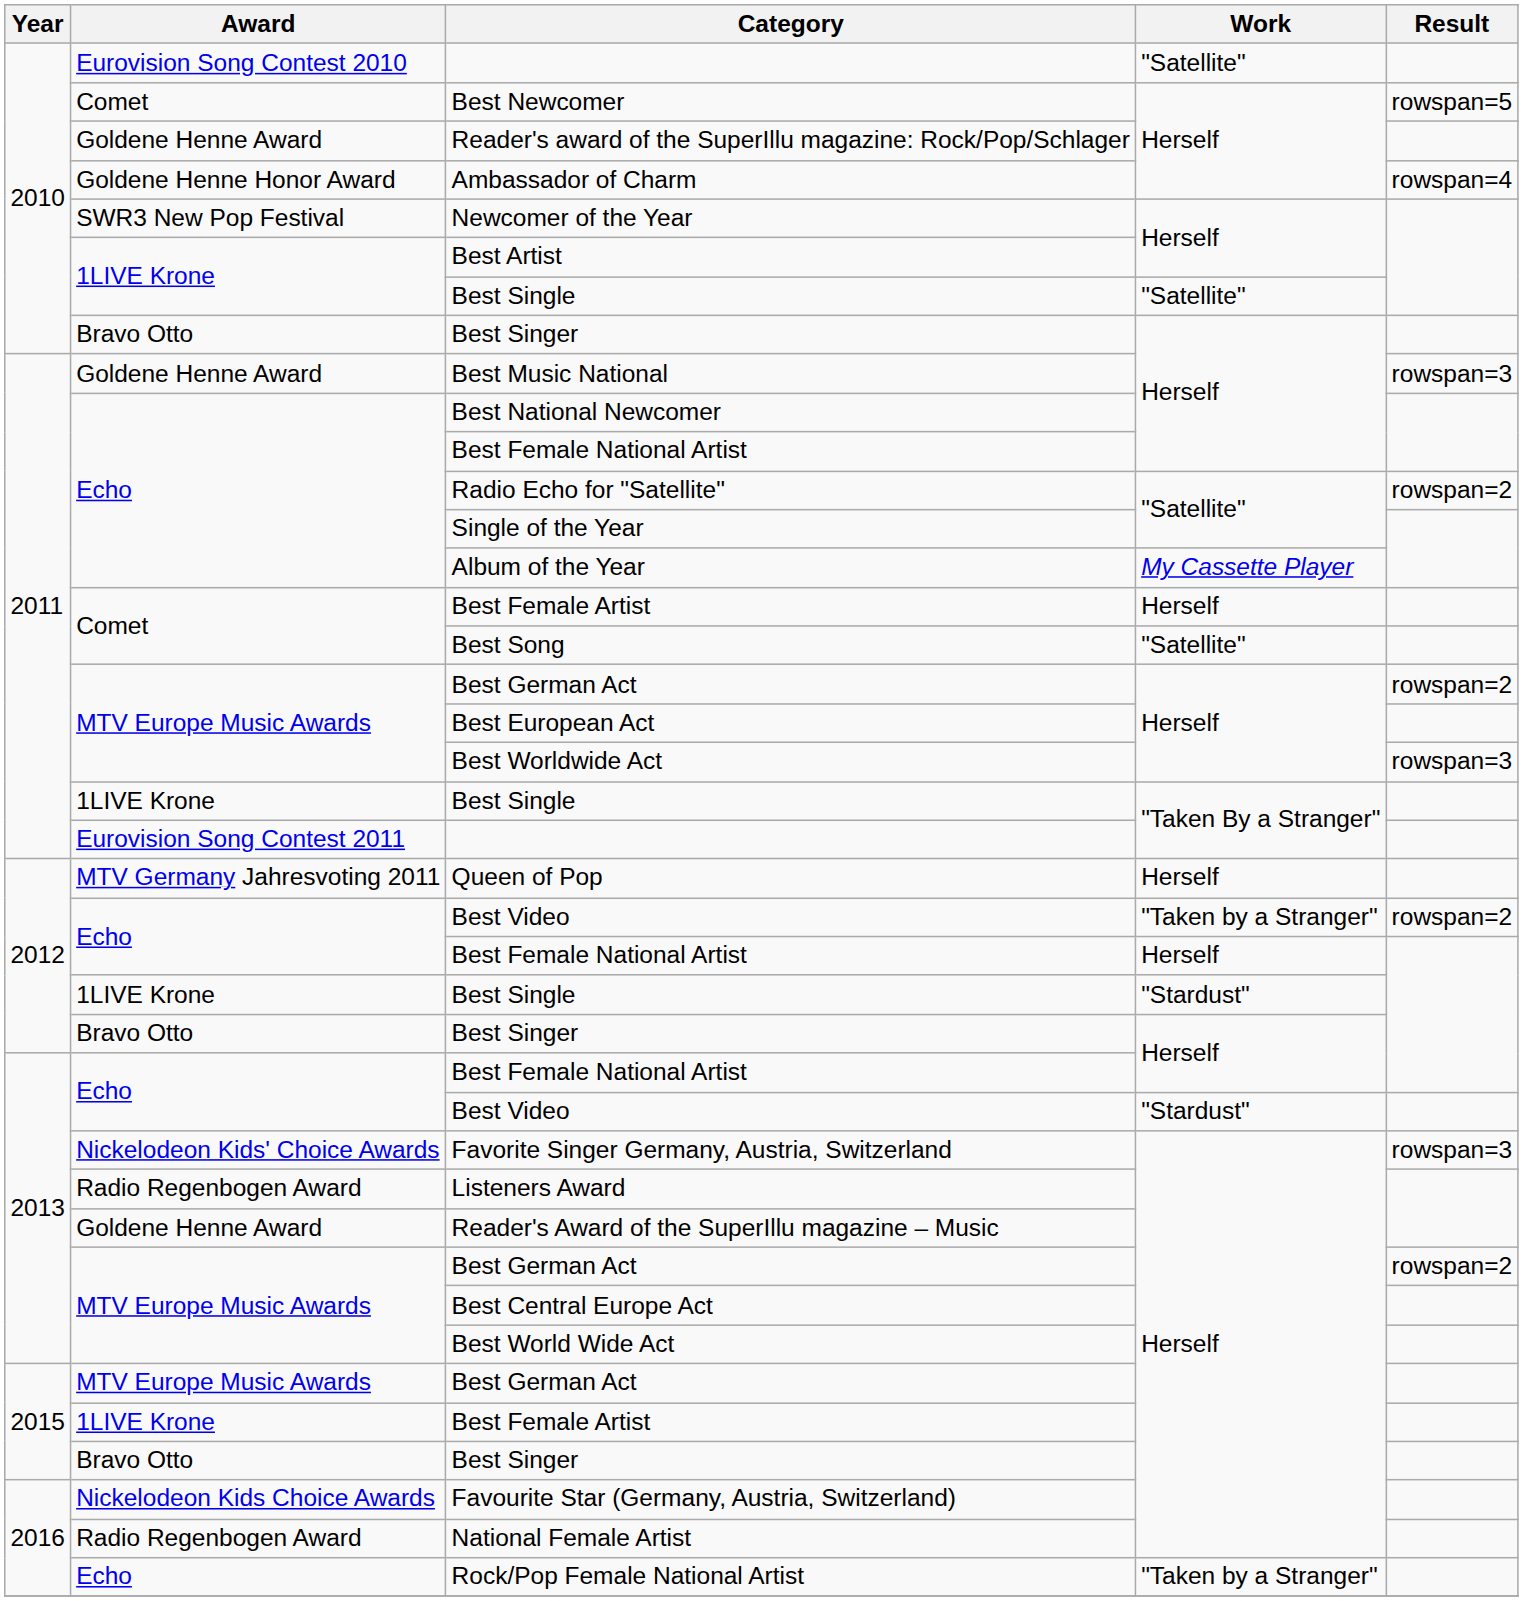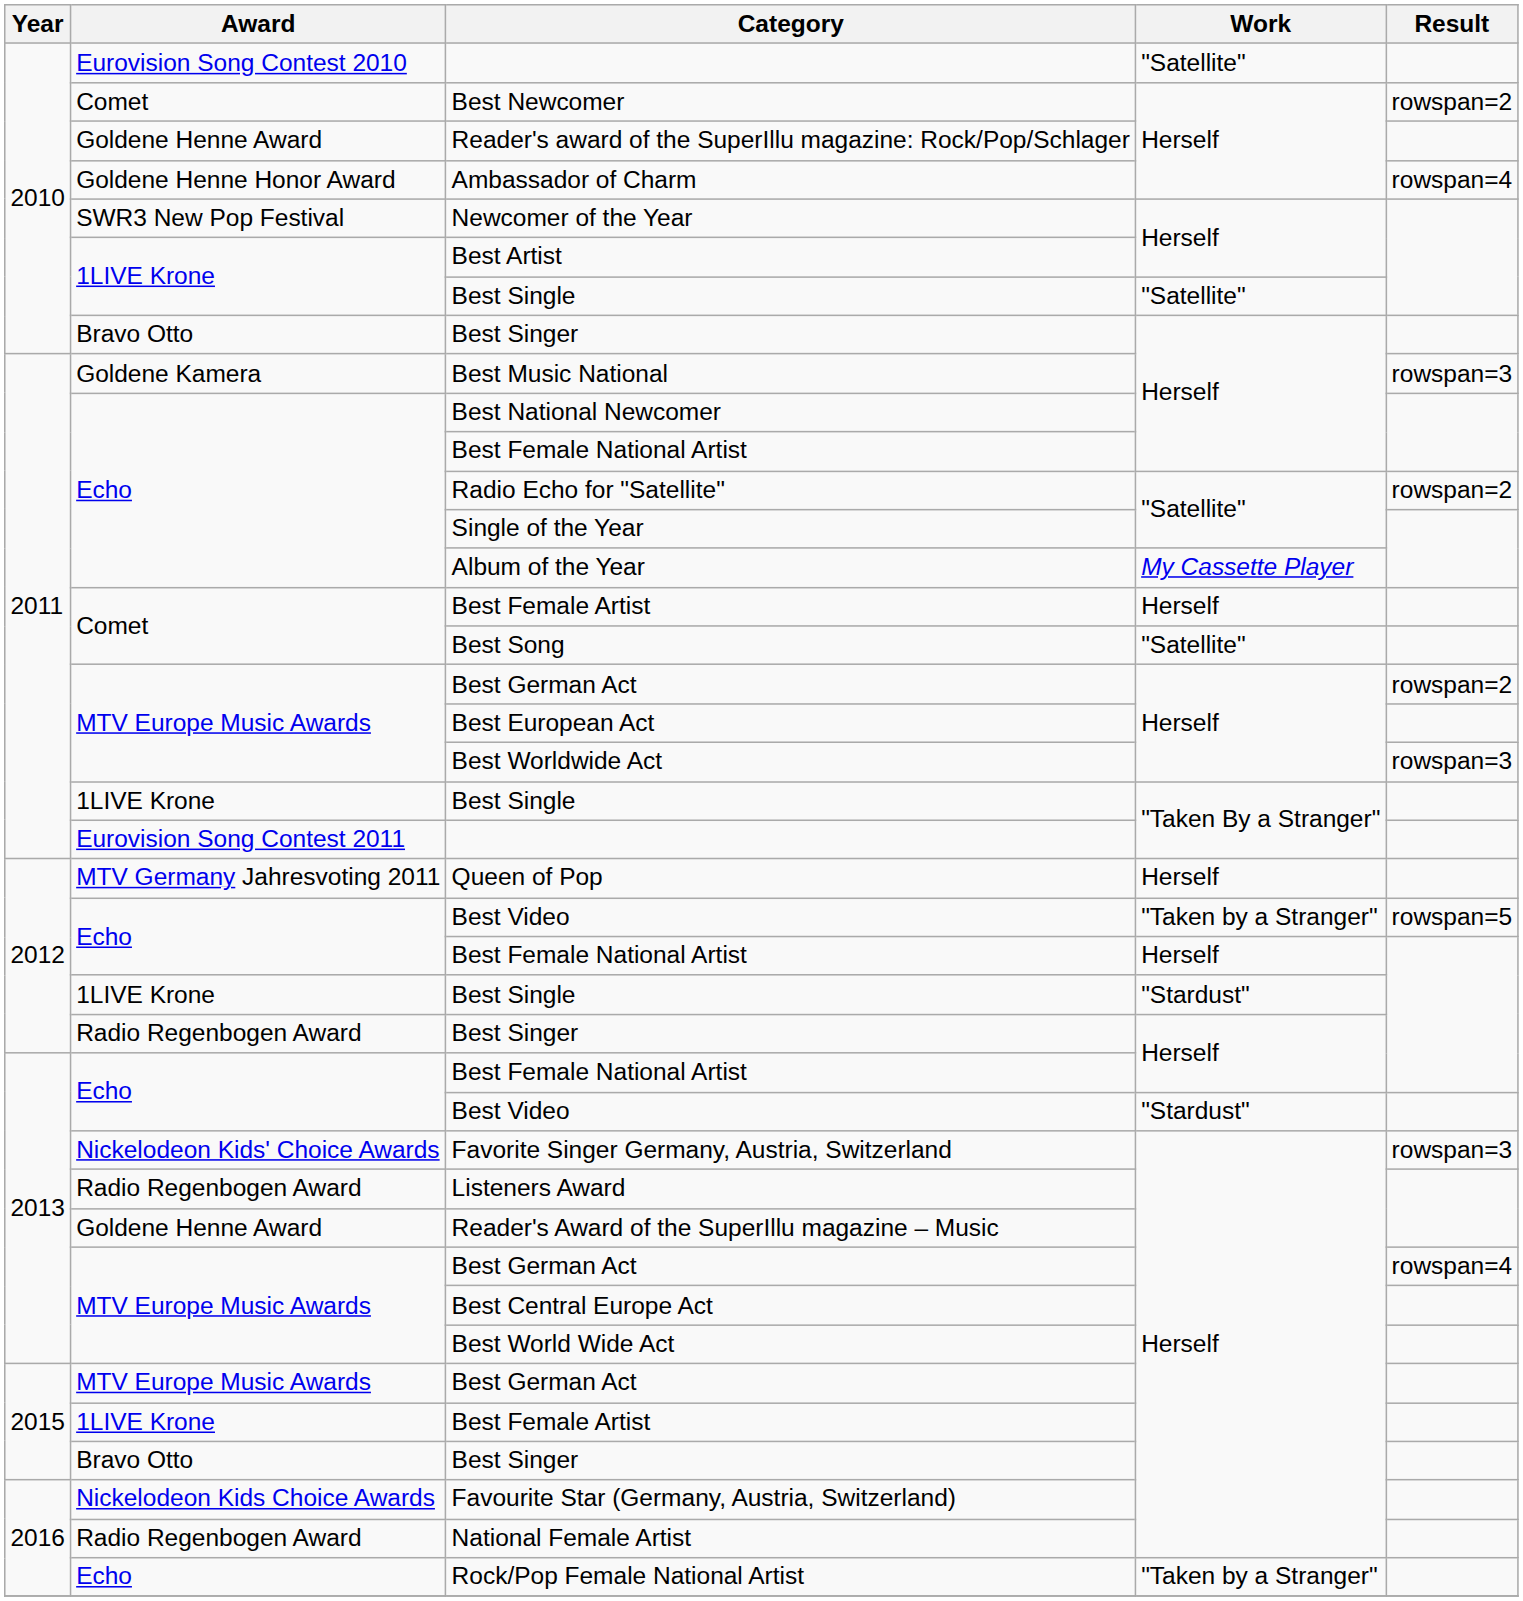 <table class="wikitable">
 <tr>
 <th>Year</th>
 <th>Award</th>
 <th>Category</th>
 <th>Work</th>
 <th>Result</th>
 </tr>
 <tr>
 <td rowspan=8>2010</td>
 <td><a href='#'>Eurovision Song Contest 2010</a></td>
 <td></td>
 <td>"Satellite"</td>
 <td></td>
 </tr>
 <tr>
 <td>Comet</td>
 <td>Best Newcomer</td>
 <td rowspan=3>Herself</td>
-<td>rowspan=5 </td>
+<td>rowspan=2 </td>
 </tr>
 <tr>
 <td>Goldene Henne Award</td>
 <td>Reader's award of the SuperIllu magazine: Rock/Pop/Schlager</td>
 </tr>
 <tr>
 <td>Goldene Henne Honor Award</td>
 <td>Ambassador of Charm</td>
 <td>rowspan=4 </td>
 </tr>
 <tr>
 <td>SWR3 New Pop Festival</td>
 <td>Newcomer of the Year</td>
 <td rowspan=2>Herself</td>
 </tr>
 <tr>
 <td rowspan=2><a href='#'>1LIVE Krone</a></td>
 <td>Best Artist</td>
 </tr>
 <tr>
 <td>Best Single</td>
 <td>"Satellite"</td>
 </tr>
 <tr>
 <td>Bravo Otto</td>
 <td>Best Singer</td>
 <td rowspan=4>Herself</td>
 <td></td>
 </tr>
 <tr>
 <td rowspan=13>2011</td>
-<td>Goldene Henne Award</td>
+<td>Goldene Kamera</td>
 <td>Best Music National</td>
 <td>rowspan=3 </td>
 </tr>
 <tr>
 <td rowspan=5><a href='#'>Echo</a></td>
 <td>Best National Newcomer</td>
 </tr>
 <tr>
 <td>Best Female National Artist</td>
 </tr>
 <tr>
 <td>Radio Echo for "Satellite"</td>
 <td rowspan=2>"Satellite"</td>
 <td>rowspan=2 </td>
 </tr>
 <tr>
 <td>Single of the Year</td>
 </tr>
 <tr>
 <td>Album of the Year</td>
 <td><em><a href='#'>My Cassette Player</a></em></td>
 </tr>
 <tr>
 <td rowspan=2>Comet</td>
 <td>Best Female Artist</td>
 <td>Herself</td>
 <td></td>
 </tr>
 <tr>
 <td>Best Song</td>
 <td>"Satellite"</td>
 <td></td>
 </tr>
 <tr>
 <td rowspan=3><a href='#'>MTV Europe Music Awards</a></td>
 <td>Best German Act</td>
 <td rowspan=3>Herself</td>
 <td>rowspan=2 </td>
 </tr>
 <tr>
 <td>Best European Act</td>
 </tr>
 <tr>
 <td>Best Worldwide Act</td>
 <td>rowspan=3 </td>
 </tr>
 <tr>
 <td>1LIVE Krone</td>
 <td>Best Single</td>
 <td rowspan=2>"Taken By a Stranger"</td>
 </tr>
 <tr>
 <td><a href='#'>Eurovision Song Contest 2011</a></td>
 <td></td>
 <td></td>
 </tr>
 <tr>
 <td rowspan=5>2012</td>
 <td><a href='#'>MTV Germany</a> Jahresvoting 2011</td>
 <td>Queen of Pop</td>
 <td>Herself</td>
 <td></td>
 </tr>
 <tr>
 <td rowspan=2><a href='#'>Echo</a></td>
 <td>Best Video</td>
 <td>"Taken by a Stranger"</td>
-<td>rowspan=2 </td>
+<td>rowspan=5 </td>
 </tr>
 <tr>
 <td>Best Female National Artist</td>
 <td>Herself</td>
 </tr>
 <tr>
 <td>1LIVE Krone</td>
 <td>Best Single</td>
 <td>"Stardust"</td>
 </tr>
 <tr>
-<td>Bravo Otto</td>
+<td>Radio Regenbogen Award</td>
 <td>Best Singer</td>
 <td rowspan=2>Herself</td>
 </tr>
 <tr>
 <td rowspan=8>2013</td>
 <td rowspan=2><a href='#'>Echo</a></td>
 <td>Best Female National Artist</td>
 </tr>
 <tr>
 <td>Best Video</td>
 <td>"Stardust"</td>
 <td></td>
 </tr>
 <tr>
 <td><a href='#'>Nickelodeon Kids' Choice Awards</a></td>
 <td>Favorite Singer Germany, Austria, Switzerland</td>
 <td rowspan=11>Herself</td>
 <td>rowspan=3 </td>
 </tr>
 <tr>
 <td>Radio Regenbogen Award</td>
 <td>Listeners Award</td>
 </tr>
 <tr>
 <td>Goldene Henne Award</td>
 <td>Reader's Award of the SuperIllu magazine – Music</td>
 </tr>
 <tr>
 <td rowspan=3><a href='#'>MTV Europe Music Awards</a></td>
 <td>Best German Act</td>
-<td>rowspan=2 </td>
+<td>rowspan=4 </td>
 </tr>
 <tr>
 <td>Best Central Europe Act</td>
 </tr>
 <tr>
 <td>Best World Wide Act</td>
 <td></td>
 </tr>
 <tr>
 <td rowspan=3>2015</td>
 <td><a href='#'>MTV Europe Music Awards</a></td>
 <td>Best German Act</td>
 <td></td>
 </tr>
 <tr>
 <td><a href='#'>1LIVE Krone</a></td>
 <td>Best Female Artist</td>
 <td></td>
 </tr>
 <tr>
 <td>Bravo Otto</td>
 <td>Best Singer</td>
 <td></td>
 </tr>
 <tr>
 <td rowspan=3>2016</td>
 <td><a href='#'>Nickelodeon Kids Choice Awards</a></td>
 <td>Favourite Star (Germany, Austria, Switzerland)</td>
 <td></td>
 </tr>
 <tr>
 <td>Radio Regenbogen Award</td>
 <td>National Female Artist</td>
 <td></td>
 </tr>
 <tr>
 <td><a href='#'>Echo</a></td>
 <td>Rock/Pop Female National Artist</td>
 <td>"Taken by a Stranger"</td>
 <td></td>
 </tr>
 <tr>
 </tr>
 </table>
